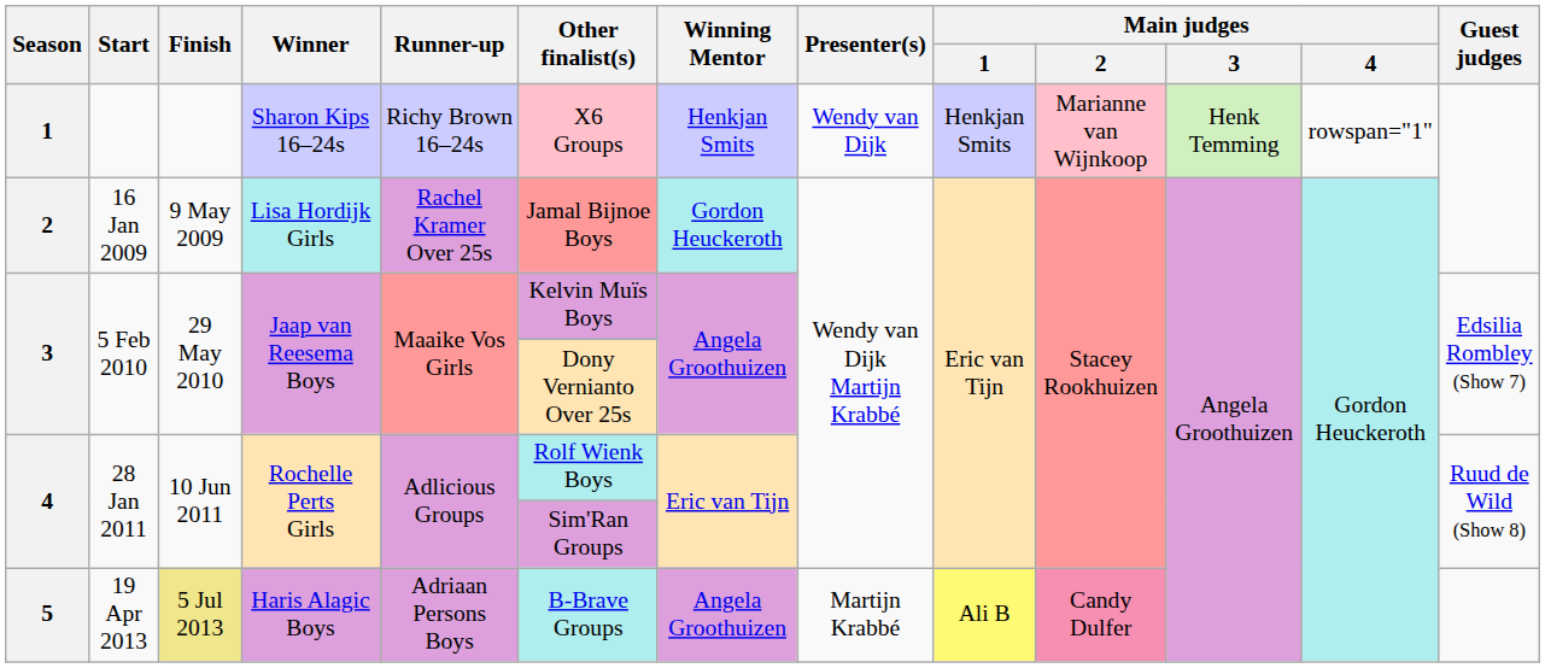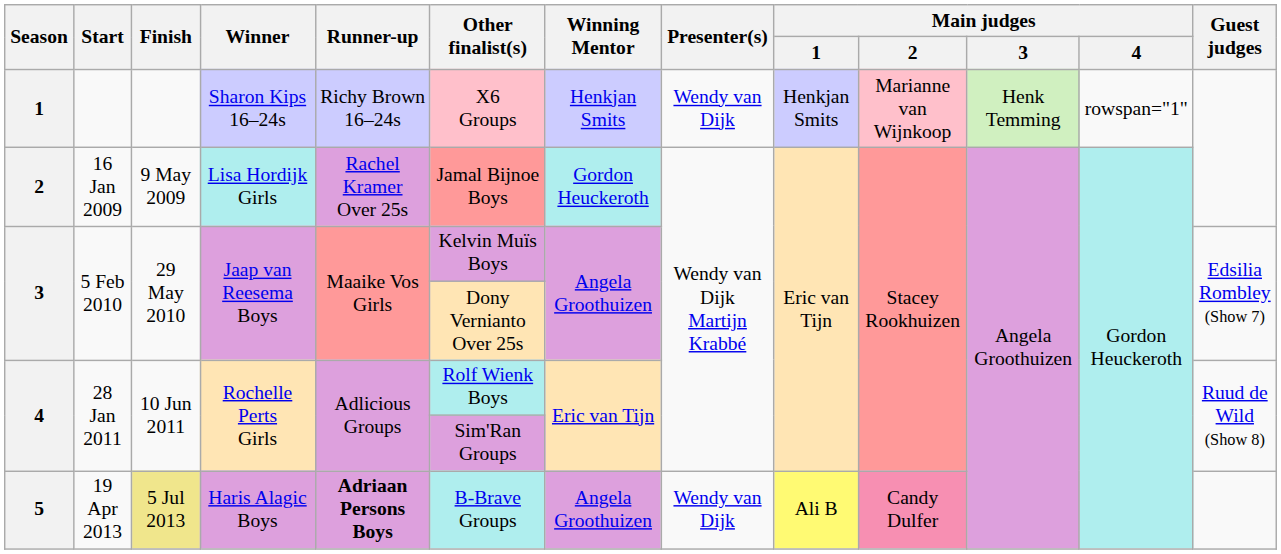 <table class="wikitable" style="text-align:center; font-size:85%; line-height:16px; width:100%">
 <tr>
 <th scope="col" rowspan="2" width="01%">Season</th>
 <th scope="col" rowspan="2" width="04%">Start</th>
 <th scope="col" rowspan="2" width="04%">Finish</th>
 <th scope="col" rowspan="2" width="08%">Winner</th>
 <th scope="col" rowspan="2" width="08%">Runner-up</th>
 <th scope="col" rowspan="2" width="08%">Other finalist(s)</th>
 <th scope="col" rowspan="2" width="05%">Winning Mentor</th>
 <th scope="col" rowspan="2" width="02%">Presenter(s)</th>
 <th colspan="4">Main judges</th>
 <th scope="col" rowspan="2" width="01%">Guest judges</th>
 </tr>
 <tr>
 <th width="05%">1</th>
 <th width="03%">2</th>
 <th width="03%">3</th>
 <th width="01%">4</th>
 </tr>
 <tr>
 <th scope="row">1</th>
 <td></td>
 <td></td>
 <td bgcolor="#ccf"><a href='#'>Sharon Kips</a><br>16–24s</td>
 <td bgcolor="#Ccf">Richy Brown<br>16–24s</td>
 <td bgcolor="Pink">X6<br> Groups</td>
 <td bgcolor="#Ccf"><a href='#'>Henkjan Smits</a></td>
 <td rowspan="1"><a href='#'>Wendy van Dijk</a></td>
 <td bgcolor="#ccf" rowspan="1">Henkjan Smits</td>
 <td bgcolor="Pink" rowspan="1">Marianne van Wijnkoop</td>
 <td bgcolor="#d0f0c0" rowspan="1">Henk Temming</td>
 <td>rowspan="1" </td>
 </tr>
 <tr>
 <th scope="row">2</th>
 <td>16 Jan 2009</td>
 <td>9 May 2009</td>
 <td bgcolor="Afeeee"><a href='#'>Lisa Hordijk</a><br>Girls</td>
 <td bgcolor="Dda0dd"><a href='#'>Rachel Kramer</a><br>Over 25s</td>
 <td bgcolor="Ff9999">Jamal Bijnoe<br>Boys</td>
 <td bgcolor="Afeeee"><a href='#'>Gordon Heuckeroth</a></td>
 <td rowspan="5">Wendy van Dijk<br><a href='#'>Martijn Krabbé</a></td>
 <td bgcolor="#ffe5b4" rowspan="5">Eric van Tijn</td>
 <td bgcolor="#ff9999" rowspan="5">Stacey Rookhuizen</td>
 <td bgcolor="#dda0dd" rowspan="7">Angela Groothuizen</td>
 <td bgcolor="#afeeee" rowspan="7">Gordon Heuckeroth</td>
 </tr>
 <tr>
 <th scope="row" rowspan="2">3</th>
 <td rowspan="2">5 Feb 2010</td>
 <td rowspan="2">29 May 2010</td>
 <td rowspan="2" bgcolor="Dda0Dd"><a href='#'>Jaap van Reesema</a><br>Boys</td>
 <td rowspan="2" bgcolor="Ff9999">Maaike Vos<br>Girls</td>
 <td bgcolor="Dda0dd">Kelvin Muïs<br>Boys</td>
 <td rowspan="2" bgcolor="Dda0Dd"><a href='#'>Angela Groothuizen</a></td>
 <td rowspan="2"><a href='#'>Edsilia Rombley</a> <br><small>(Show 7)</small></td>
 </tr>
 <tr>
 <td bgcolor="Ffe5b4">Dony Vernianto<br>Over 25s</td>
 </tr>
 <tr>
 <th scope="row" rowspan="2">4</th>
 <td rowspan="2">28 Jan 2011</td>
 <td rowspan="2">10 Jun 2011</td>
 <td rowspan="2" bgcolor="ffe5b4"><a href='#'>Rochelle Perts</a><br>Girls</td>
 <td rowspan="2" style="background:#dda0dd">Adlicious<br> Groups</td>
 <td bgcolor="Afeeee"><a href='#'>Rolf Wienk</a><br>Boys</td>
 <td rowspan="2" bgcolor="ffe5b4"><a href='#'>Eric van Tijn</a></td>
 <td rowspan="2"><a href='#'>Ruud de Wild</a> <br><small>(Show 8)</small></td>
 </tr>
 <tr>
 <td style="background:#dda0dd">Sim'Ran<br> Groups</td>
 </tr>
 <tr>
 <th scope="row">5</th>
 <td>19 Apr 2013</td>
 <td style="background: khaki;">5 Jul 2013</td>
 <td bgcolor="DdA0dd"><a href='#'>Haris Alagic</a><br>Boys</td>
-<td bgcolor="Dda0dd">Adriaan Persons<br>Boys</td>
+<td bgcolor="Dda0dd"><strong>Adriaan Persons<br>Boys</strong></td>
 <td bgcolor="Afeeee"><a href='#'>B-Brave</a><br> Groups</td>
 <td bgcolor="Dda0Dd"><a href='#'>Angela Groothuizen</a></td>
-<td rowspan="1">Martijn Krabbé</td>
+<td rowspan="1"><a href='#'>Wendy van Dijk</a></td>
 <td bgcolor="#fffa73" rowspan="1">Ali B</td>
 <td bgcolor="#f78fb2" rowspan="1">Candy Dulfer</td>
 </tr>
 </table>
